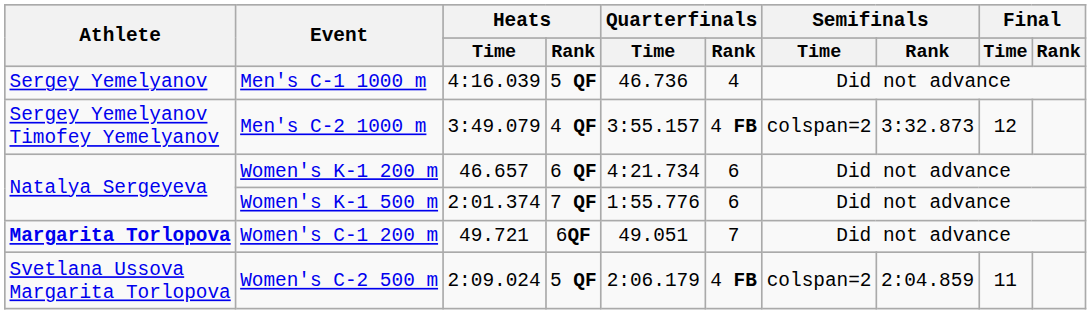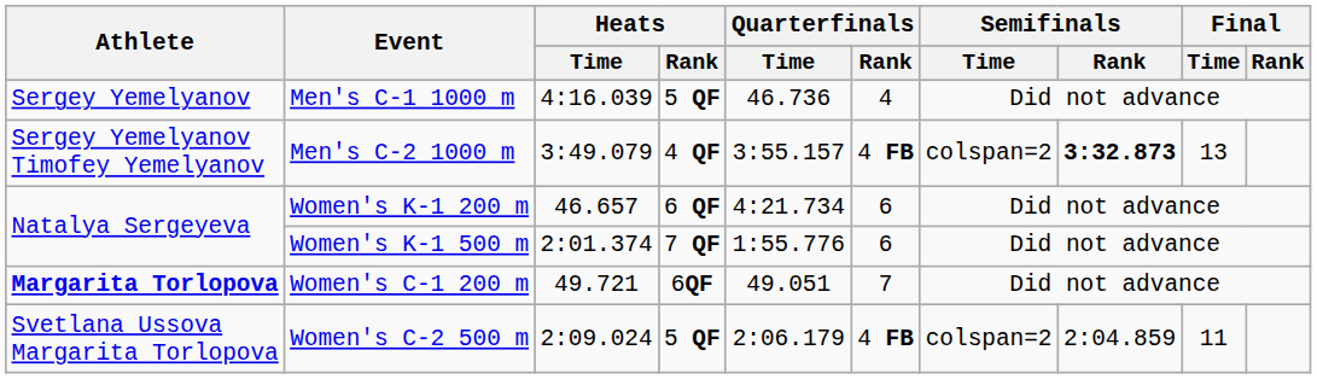 <table class=wikitable style="font-size:90%">
 <tr>
 <th rowspan="2">Athlete</th>
 <th rowspan="2">Event</th>
 <th colspan=2>Heats</th>
 <th colspan=2>Quarterfinals</th>
 <th colspan=2>Semifinals</th>
 <th colspan=2>Final</th>
 </tr>
 <tr style="font-size:95%">
 <th>Time</th>
 <th>Rank</th>
 <th>Time</th>
 <th>Rank</th>
 <th>Time</th>
 <th>Rank</th>
 <th>Time</th>
 <th>Rank</th>
 </tr>
 <tr align=center>
 <td align=left><a href='#'>Sergey Yemelyanov</a></td>
 <td align=left><a href='#'>Men's C-1 1000 m</a></td>
 <td>4:16.039</td>
 <td>5 <strong>QF</strong></td>
 <td>46.736</td>
 <td>4</td>
 <td colspan=4>Did not advance</td>
 </tr>
 <tr align=center>
 <td align=left><a href='#'>Sergey Yemelyanov</a><br><a href='#'>Timofey Yemelyanov</a></td>
 <td align=left><a href='#'>Men's C-2 1000 m</a></td>
 <td>3:49.079</td>
 <td>4 <strong>QF</strong></td>
 <td>3:55.157</td>
 <td>4 <strong>FB</strong></td>
 <td>colspan=2 </td>
-<td>3:32.873</td>
-<td>12</td>
+<td><strong>3:32.873</strong></td>
+<td>13</td>
 </tr>
 <tr align=center>
 <td align=left rowspan=2><a href='#'>Natalya Sergeyeva</a></td>
 <td align=left><a href='#'>Women's K-1 200 m</a></td>
 <td>46.657</td>
 <td>6 <strong>QF</strong></td>
 <td>4:21.734</td>
 <td>6</td>
 <td colspan=4>Did not advance</td>
 </tr>
 <tr align=center>
 <td align=left><a href='#'>Women's K-1 500 m</a></td>
 <td>2:01.374</td>
 <td>7 <strong>QF</strong></td>
 <td>1:55.776</td>
 <td>6</td>
 <td colspan=4>Did not advance</td>
 </tr>
 <tr align=center>
 <td align=left><strong><a href='#'>Margarita Torlopova</a></strong></td>
 <td align=left><a href='#'>Women's C-1 200 m</a></td>
 <td>49.721</td>
 <td>6<strong>QF</strong></td>
 <td>49.051</td>
 <td>7</td>
 <td colspan=4>Did not advance</td>
 </tr>
 <tr align=center>
 <td align=left><a href='#'>Svetlana Ussova</a><br><a href='#'>Margarita Torlopova</a></td>
 <td align=left><a href='#'>Women's C-2 500 m</a></td>
 <td>2:09.024</td>
 <td>5 <strong>QF</strong></td>
 <td>2:06.179</td>
 <td>4 <strong>FB</strong></td>
 <td>colspan=2 </td>
 <td>2:04.859</td>
 <td>11</td>
 </tr>
 </table>
